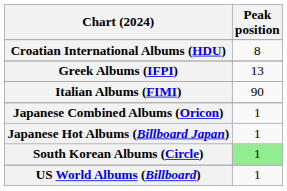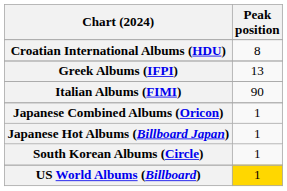 <table class="wikitable sortable plainrowheaders" style="text-align:center">
 <tr>
 <th scope="col">Chart (2024)</th>
 <th scope="col">Peak<br>position</th>
 </tr>
 <tr>
 </tr>
 <tr>
 </tr>
 <tr>
 </tr>
 <tr>
 <th scope="row">Croatian International Albums (<a href='#'>HDU</a>)</th>
 <td>8</td>
 </tr>
 <tr>
 </tr>
 <tr>
 </tr>
 <tr>
 <th scope="row">Greek Albums (<a href='#'>IFPI</a>)</th>
 <td>13</td>
 </tr>
 <tr>
 </tr>
 <tr>
 <th scope="row">Italian Albums (<a href='#'>FIMI</a>)</th>
 <td>90</td>
 </tr>
 <tr>
 </tr>
 <tr>
 <th scope="row">Japanese Combined Albums (<a href='#'>Oricon</a>)</th>
 <td>1</td>
 </tr>
 <tr>
 <th scope="row">Japanese Hot Albums (<em><a href='#'>Billboard Japan</a></em>)</th>
 <td>1</td>
 </tr>
 <tr>
 <th scope="row">South Korean Albums (<a href='#'>Circle</a>)</th>
-<td style="background: lightgreen;">1</td>
+<td>1</td>
 </tr>
 <tr>
 </tr>
 <tr>
 </tr>
 <tr>
 </tr>
 <tr>
 <th scope="row">US <a href='#'>World Albums</a> (<em><a href='#'>Billboard</a></em>)</th>
-<td>1</td>
+<td style="background: gold;">1</td>
 </tr>
 </table>
